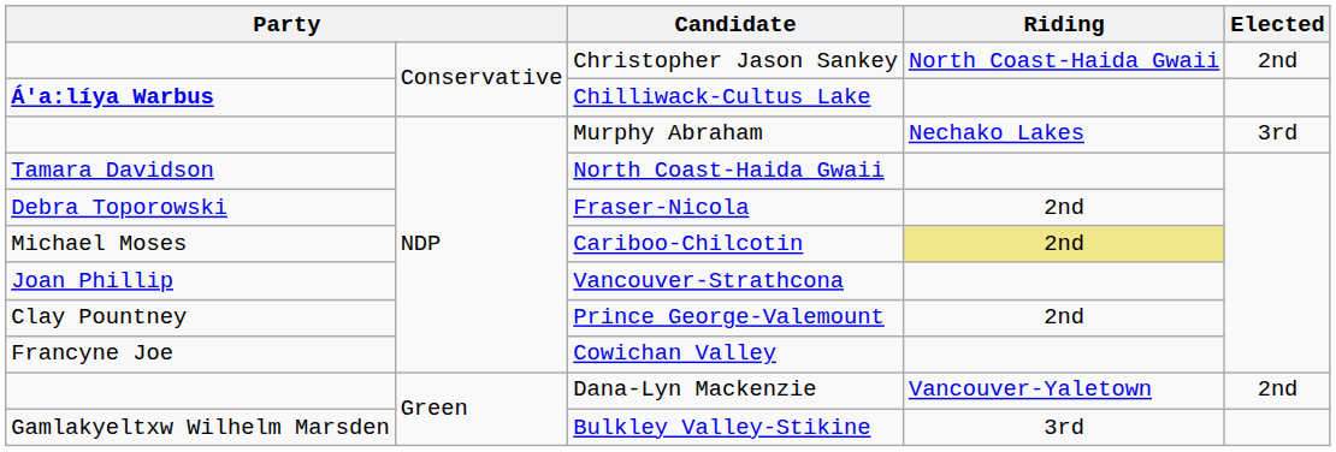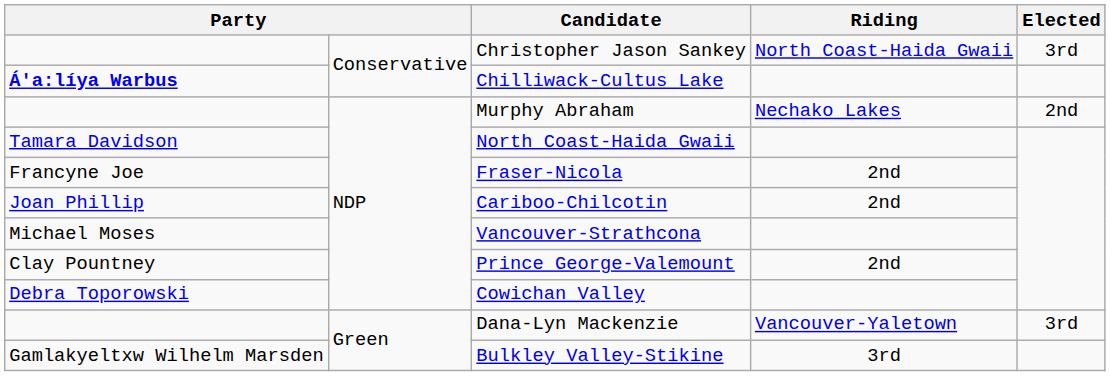 <table class="wikitable">
 <tr>
 <th colspan="2">Party</th>
 <th>Candidate</th>
 <th>Riding</th>
 <th>Elected</th>
 </tr>
 <tr>
 <td style="background-color:"> </td>
 <td rowspan="2">Conservative</td>
 <td>Christopher Jason Sankey</td>
 <td><a href='#'>North Coast-Haida Gwaii</a></td>
-<td style="text-align:center;">2nd</td>
+<td style="text-align:center;">3rd</td>
 </tr>
 <tr>
 <td><strong><a href='#'>Á'a:líya Warbus</a></strong></td>
 <td><a href='#'>Chilliwack-Cultus Lake</a></td>
 <td style="text-align:center;"></td>
 </tr>
 <tr>
 <td style="background-color:"> </td>
 <td rowspan="7">NDP</td>
 <td>Murphy Abraham</td>
 <td><a href='#'>Nechako Lakes</a></td>
-<td style="text-align:center;">3rd</td>
+<td style="text-align:center;">2nd</td>
 </tr>
 <tr>
 <td><a href='#'>Tamara Davidson</a></td>
 <td><a href='#'>North Coast-Haida Gwaii</a></td>
 <td style="text-align:center;"></td>
 </tr>
 <tr>
-<td><a href='#'>Debra Toporowski</a></td>
+<td>Francyne Joe</td>
 <td><a href='#'>Fraser-Nicola</a></td>
 <td style="text-align:center;">2nd</td>
 </tr>
 <tr>
-<td>Michael Moses</td>
+<td><a href='#'>Joan Phillip</a></td>
 <td><a href='#'>Cariboo-Chilcotin</a></td>
-<td style="background: khaki; text-align:center;">2nd</td>
+<td style="text-align:center;">2nd</td>
 </tr>
 <tr>
-<td><a href='#'>Joan Phillip</a></td>
+<td>Michael Moses</td>
 <td><a href='#'>Vancouver-Strathcona</a></td>
 <td style="text-align:center;"></td>
 </tr>
 <tr>
 <td>Clay Pountney</td>
 <td><a href='#'>Prince George-Valemount</a></td>
 <td style="text-align:center;">2nd</td>
 </tr>
 <tr>
-<td>Francyne Joe</td>
+<td><a href='#'>Debra Toporowski</a></td>
 <td><a href='#'>Cowichan Valley</a></td>
 <td style="text-align:center;"></td>
 </tr>
 <tr>
 <td style="background-color:"> </td>
 <td rowspan="2">Green</td>
 <td>Dana-Lyn Mackenzie</td>
 <td><a href='#'>Vancouver-Yaletown</a></td>
-<td style="text-align:center;">2nd</td>
+<td style="text-align:center;">3rd</td>
 </tr>
 <tr>
 <td>Gamlakyeltxw Wilhelm Marsden</td>
 <td><a href='#'>Bulkley Valley-Stikine</a></td>
 <td style="text-align:center;">3rd</td>
 </tr>
 </table>
